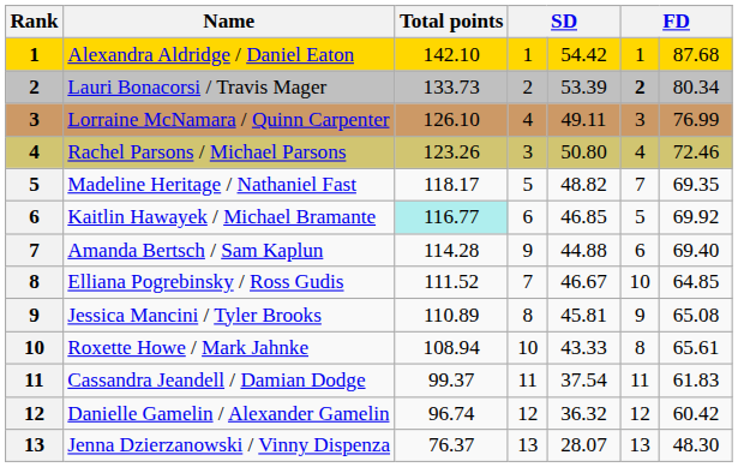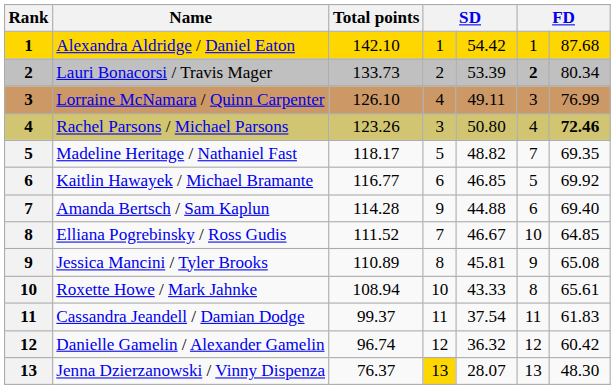 <table class="wikitable sortable">
 <tr>
 <th>Rank</th>
 <th>Name</th>
 <th>Total points</th>
 <th colspan="2" width="80px"><a href='#'>SD</a></th>
 <th colspan="2" width="80px"><a href='#'>FD</a></th>
 </tr>
 <tr bgcolor="gold">
 <td align="center"><strong>1</strong></td>
 <td><a href='#'>Alexandra Aldridge</a> / <a href='#'>Daniel Eaton</a></td>
 <td align="center">142.10</td>
 <td align="center">1</td>
 <td align="center">54.42</td>
 <td align="center">1</td>
 <td align="center">87.68</td>
 </tr>
 <tr bgcolor="silver">
 <td align="center"><strong>2</strong></td>
 <td><a href='#'>Lauri Bonacorsi</a> / Travis Mager</td>
 <td align="center">133.73</td>
 <td align="center">2</td>
 <td align="center">53.39</td>
 <td align="center"><strong>2</strong></td>
 <td align="center">80.34</td>
 </tr>
 <tr bgcolor="cc9966">
 <td align="center"><strong>3</strong></td>
 <td><a href='#'>Lorraine McNamara</a> / <a href='#'>Quinn Carpenter</a></td>
 <td align="center">126.10</td>
 <td align="center">4</td>
 <td align="center">49.11</td>
 <td align="center">3</td>
 <td align="center">76.99</td>
 </tr>
 <tr bgcolor="#d1c571">
 <td align="center"><strong>4</strong></td>
 <td><a href='#'>Rachel Parsons</a> / <a href='#'>Michael Parsons</a></td>
 <td align="center">123.26</td>
 <td align="center">3</td>
 <td align="center">50.80</td>
 <td align="center">4</td>
-<td align="center">72.46</td>
+<td align="center"><strong>72.46</strong></td>
 </tr>
 <tr>
 <th>5</th>
 <td><a href='#'>Madeline Heritage</a> / <a href='#'>Nathaniel Fast</a></td>
 <td align="center">118.17</td>
 <td align="center">5</td>
 <td align="center">48.82</td>
 <td align="center">7</td>
 <td align="center">69.35</td>
 </tr>
 <tr>
 <th>6</th>
 <td><a href='#'>Kaitlin Hawayek</a> / <a href='#'>Michael Bramante</a></td>
-<td align="center" style="background: paleturquoise;">116.77</td>
+<td align="center">116.77</td>
 <td align="center">6</td>
 <td align="center">46.85</td>
 <td align="center">5</td>
 <td align="center">69.92</td>
 </tr>
 <tr>
 <th>7</th>
 <td><a href='#'>Amanda Bertsch</a> / <a href='#'>Sam Kaplun</a></td>
 <td align="center">114.28</td>
 <td align="center">9</td>
 <td align="center">44.88</td>
 <td align="center">6</td>
 <td align="center">69.40</td>
 </tr>
 <tr>
 <th>8</th>
 <td><a href='#'>Elliana Pogrebinsky</a> / <a href='#'>Ross Gudis</a></td>
 <td align="center">111.52</td>
 <td align="center">7</td>
 <td align="center">46.67</td>
 <td align="center">10</td>
 <td align="center">64.85</td>
 </tr>
 <tr>
 <th>9</th>
 <td><a href='#'>Jessica Mancini</a> / <a href='#'>Tyler Brooks</a></td>
 <td align="center">110.89</td>
 <td align="center">8</td>
 <td align="center">45.81</td>
 <td align="center">9</td>
 <td align="center">65.08</td>
 </tr>
 <tr>
 <th>10</th>
 <td><a href='#'>Roxette Howe</a> / <a href='#'>Mark Jahnke</a></td>
 <td align="center">108.94</td>
 <td align="center">10</td>
 <td align="center">43.33</td>
 <td align="center">8</td>
 <td align="center">65.61</td>
 </tr>
 <tr>
 <th>11</th>
 <td><a href='#'>Cassandra Jeandell</a> / <a href='#'>Damian Dodge</a></td>
 <td align="center">99.37</td>
 <td align="center">11</td>
 <td align="center">37.54</td>
 <td align="center">11</td>
 <td align="center">61.83</td>
 </tr>
 <tr>
 <th>12</th>
 <td><a href='#'>Danielle Gamelin</a> / <a href='#'>Alexander Gamelin</a></td>
 <td align="center">96.74</td>
 <td align="center">12</td>
 <td align="center">36.32</td>
 <td align="center">12</td>
 <td align="center">60.42</td>
 </tr>
 <tr>
 <th>13</th>
 <td><a href='#'>Jenna Dzierzanowski</a> / <a href='#'>Vinny Dispenza</a></td>
 <td align="center">76.37</td>
-<td align="center">13</td>
+<td align="center" style="background: gold;">13</td>
 <td align="center">28.07</td>
 <td align="center">13</td>
 <td align="center">48.30</td>
 </tr>
 </table>
